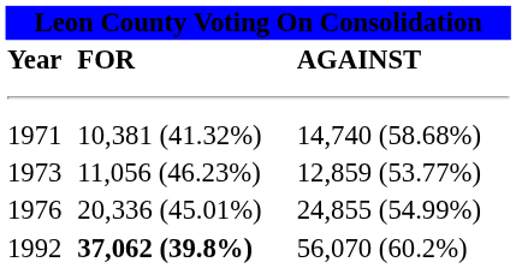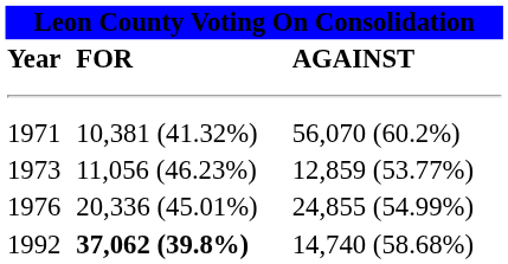 <table class="toccolours"  style="left:left; margin-left:1em; width:300px;">
 <tr>
 <th colspan="8" style="text-align: center; background:blue"><span><strong>Leon County Voting On Consolidation</strong> </span></th>
 </tr>
 <tr>
 <td><strong>Year</strong></td>
 <td><strong>FOR</strong></td>
 <td><strong>AGAINST</strong></td>
 </tr>
 <tr>
 <td colspan="3"><hr></td>
 </tr>
 <tr>
 <td>1971</td>
 <td>10,381 (41.32%)</td>
-<td>14,740 (58.68%)</td>
+<td>56,070 (60.2%)</td>
 </tr>
 <tr>
 <td>1973</td>
 <td>11,056 (46.23%)</td>
 <td>12,859 (53.77%)</td>
 </tr>
 <tr>
 <td>1976</td>
 <td>20,336 (45.01%)</td>
 <td>24,855 (54.99%)</td>
 </tr>
 <tr>
 <td>1992</td>
 <td><strong>37,062 (39.8%)</strong></td>
-<td>56,070 (60.2%)</td>
+<td>14,740 (58.68%)</td>
 </tr>
 </table>
